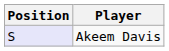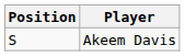 <table class="wikitable">
 <tr>
 <th>Position</th>
 <th>Player</th>
 </tr>
 <tr>
-<td style="background: lavender;">S</td>
+<td>S</td>
 <td>Akeem Davis</td>
 </tr>
 </table>
